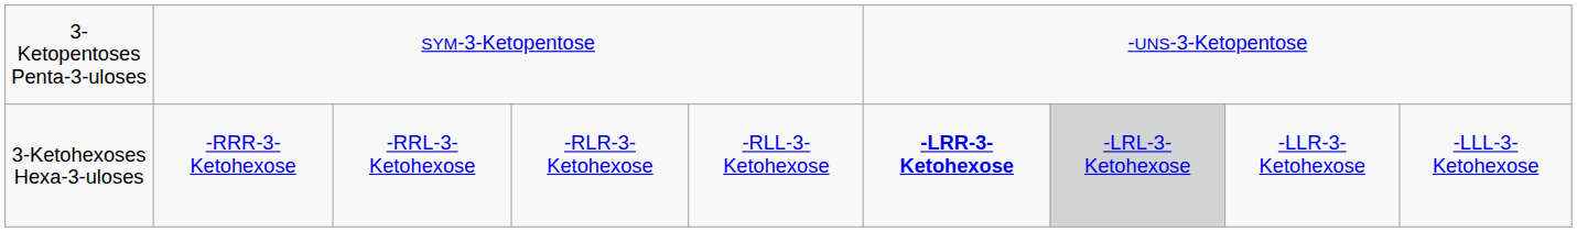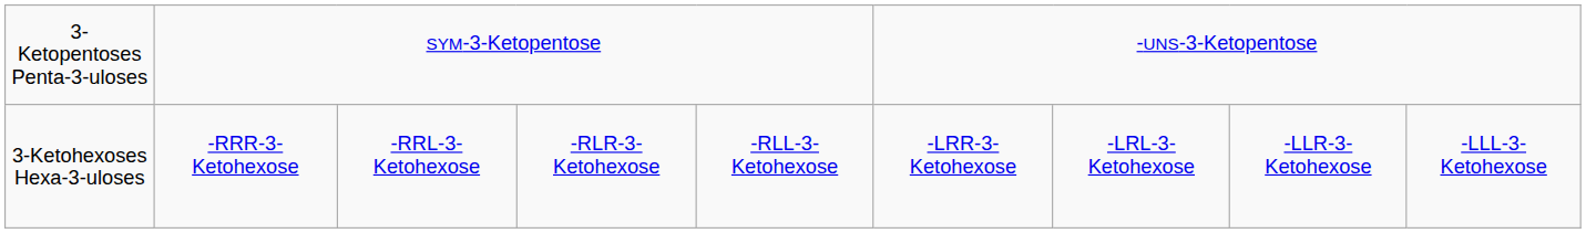 <table class="wikitable" style="text-align:center;">
 <tr>
 <td>3-Ketopentoses<br>Penta-3-uloses</td>
 <td colspan="4"><br><a href='#'><small>SYM</small>-3-Ketopentose</a><br> <br> </td>
 <td colspan="4"><br><a href='#'>-<small>UNS</small>-3-Ketopentose</a><br> <br> </td>
 </tr>
 <tr>
 <td>3-Ketohexoses<br>Hexa-3-uloses</td>
 <td><br><a href='#'>-RRR-3-Ketohexose</a><br> <br> </td>
 <td><br><a href='#'>-RRL-3-Ketohexose</a><br> <br> </td>
 <td><br><a href='#'>-RLR-3-Ketohexose</a><br> <br> </td>
 <td><br><a href='#'>-RLL-3-Ketohexose</a><br> <br> </td>
-<td><strong><br><a href='#'>-LRR-3-Ketohexose</a><br> <br> </strong></td>
-<td style="background: lightgrey;"><br><a href='#'>-LRL-3-Ketohexose</a><br> <br> </td>
+<td><br><a href='#'>-LRR-3-Ketohexose</a><br> <br> </td>
+<td><br><a href='#'>-LRL-3-Ketohexose</a><br> <br> </td>
 <td><br><a href='#'>-LLR-3-Ketohexose</a><br> <br> </td>
 <td><br><a href='#'>-LLL-3-Ketohexose</a><br> <br> </td>
 </tr>
 </table>
